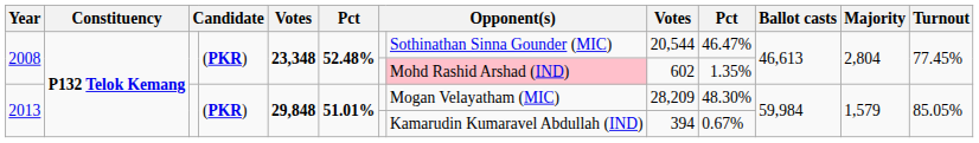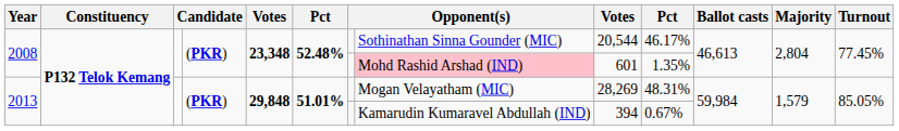 <table class="wikitable" style="margin:0.5em ; font-size:95%">
 <tr>
 <th>Year</th>
 <th>Constituency</th>
 <th colspan=2>Candidate</th>
 <th>Votes</th>
 <th>Pct</th>
 <th colspan=2>Opponent(s)</th>
 <th>Votes</th>
 <th>Pct</th>
 <th>Ballot casts</th>
 <th>Majority</th>
 <th>Turnout</th>
 </tr>
 <tr>
 <td rowspan=2><a href='#'>2008</a></td>
 <td rowspan=4><strong>P132 <a href='#'>Telok Kemang</a></strong></td>
 <td rowspan=2 ></td>
 <td rowspan=2> (<a href='#'><strong>PKR</strong></a>)</td>
 <td rowspan=2 align=right><strong>23,348</strong></td>
 <td rowspan=2><strong>52.48%</strong></td>
 <td></td>
 <td><a href='#'>Sothinathan Sinna Gounder</a> (<a href='#'>MIC</a>)</td>
 <td align="right">20,544</td>
-<td>46.47%</td>
+<td>46.17%</td>
 <td rowspan=2>46,613</td>
 <td rowspan=2>2,804</td>
 <td rowspan=2>77.45%</td>
 </tr>
 <tr>
 <td></td>
 <td style="background: pink;">Mohd Rashid Arshad (<a href='#'>IND</a>)</td>
-<td align=right>602</td>
+<td align=right>601</td>
 <td align=right>1.35%</td>
 </tr>
 <tr>
 <td rowspan=2><a href='#'>2013</a></td>
 <td rowspan=2 ></td>
 <td rowspan=2> (<a href='#'><strong>PKR</strong></a>)</td>
 <td rowspan=2 align="right"><strong>29,848</strong></td>
 <td rowspan=2><strong>51.01%</strong></td>
 <td></td>
 <td>Mogan Velayatham (<a href='#'>MIC</a>)</td>
-<td align="right">28,209</td>
-<td>48.30%</td>
+<td align="right">28,269</td>
+<td>48.31%</td>
 <td rowspan=2>59,984</td>
 <td rowspan=2>1,579</td>
 <td rowspan=2>85.05%</td>
 </tr>
 <tr>
 <td></td>
 <td>Kamarudin Kumaravel Abdullah (<a href='#'>IND</a>)</td>
 <td align="right">394</td>
 <td>0.67%</td>
 </tr>
 </table>
